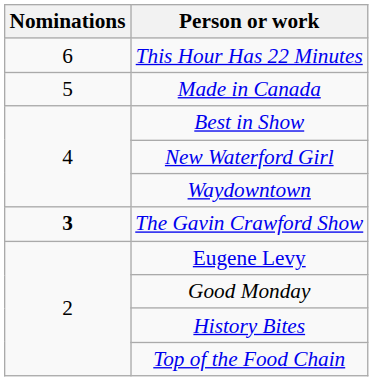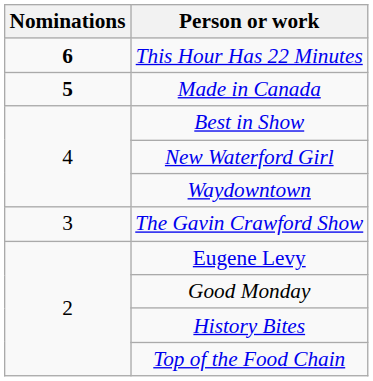 <table class="wikitable sortable" style="text-align:center;" background: #f6e39c;>
 <tr>
 <th scope="col" style="width:55px;">Nominations</th>
 <th scope="col" style="text-align:center;">Person or work</th>
 </tr>
 <tr>
-<td style="text-align:center">6</td>
+<td style="text-align:center"><strong>6</strong></td>
 <td><em><a href='#'>This Hour Has 22 Minutes</a></em></td>
 </tr>
 <tr>
-<td style="text-align:center">5</td>
+<td style="text-align:center"><strong>5</strong></td>
 <td><em><a href='#'>Made in Canada</a></em></td>
 </tr>
 <tr>
 <td rowspan=3 style="text-align:center">4</td>
 <td><em><a href='#'>Best in Show</a></em></td>
 </tr>
 <tr>
 <td><em><a href='#'>New Waterford Girl</a></em></td>
 </tr>
 <tr>
 <td><em><a href='#'>Waydowntown</a></em></td>
 </tr>
 <tr>
-<td style="text-align:center"><strong>3</strong></td>
+<td style="text-align:center">3</td>
 <td><em><a href='#'>The Gavin Crawford Show</a></em></td>
 </tr>
 <tr>
 <td rowspan=4 style="text-align:center">2</td>
 <td><a href='#'>Eugene Levy</a></td>
 </tr>
 <tr>
 <td><em>Good Monday</em></td>
 </tr>
 <tr>
 <td><em><a href='#'>History Bites</a></em></td>
 </tr>
 <tr>
 <td><em><a href='#'>Top of the Food Chain</a></em></td>
 </tr>
 </table>
